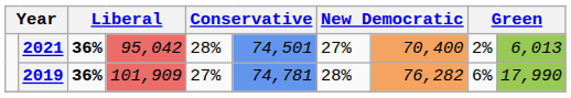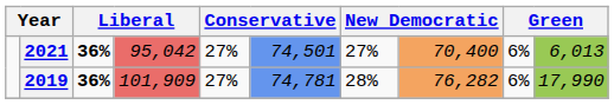 <table class="wikitable" style="float:right; width:400; font-size:90%; margin-left:1em;">
 <tr>
 <th colspan="2" scope="col">Year</th>
 <th colspan="2" scope="col"><a href='#'>Liberal</a></th>
 <th colspan="2" scope="col"><a href='#'>Conservative</a></th>
 <th colspan="2" scope="col"><a href='#'>New Democratic</a></th>
 <th colspan="2" scope="col"><a href='#'>Green</a></th>
 </tr>
 <tr>
 <td rowspan="2" style="width: 0.25em; background-color: "></td>
 <th><a href='#'>2021</a></th>
 <td><strong>36%</strong></td>
 <td style="text-align:right; background:#EA6D6A;"><em>95,042</em></td>
-<td>28%</td>
+<td>27%</td>
 <td style="text-align:right; background:#6495ED;"><em>74,501</em></td>
 <td>27%</td>
 <td style="text-align:right; background:#F4A460;"><em>70,400</em></td>
-<td>2%</td>
+<td>6%</td>
 <td style="text-align:right; background:#99C955;"><em>6,013</em></td>
 </tr>
 <tr>
 <th><a href='#'>2019</a></th>
 <td><strong>36%</strong></td>
 <td style="text-align:right; background:#EA6D6A;"><em>101,909</em></td>
 <td>27%</td>
 <td style="text-align:right; background:#6495ED;"><em>74,781</em></td>
 <td>28%</td>
 <td style="text-align:right; background:#F4A460;"><em>76,282</em></td>
 <td>6%</td>
 <td style="text-align:right; background:#99C955;"><em>17,990</em></td>
 </tr>
 <tr>
 </tr>
 </table>
